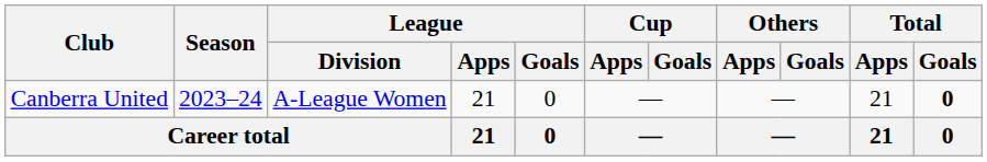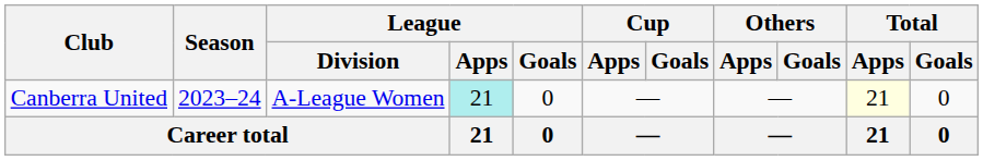 <table class="wikitable" style="text-align: center;">
 <tr>
 <th rowspan=2>Club</th>
 <th rowspan=2>Season</th>
 <th colspan=3>League</th>
 <th colspan=2>Cup</th>
 <th colspan=2>Others</th>
 <th colspan=2>Total</th>
 </tr>
 <tr>
 <th>Division</th>
 <th>Apps</th>
 <th>Goals</th>
 <th>Apps</th>
 <th>Goals</th>
 <th>Apps</th>
 <th>Goals</th>
 <th>Apps</th>
 <th>Goals</th>
 </tr>
 <tr>
 <td><a href='#'>Canberra United</a></td>
 <td><a href='#'>2023–24</a></td>
 <td><a href='#'>A-League Women</a></td>
-<td>21</td>
+<td style="background: paleturquoise;">21</td>
 <td>0</td>
 <td colspan=2>—</td>
 <td colspan=2>—</td>
-<td>21</td>
-<td><strong>0</strong></td>
+<td style="background: lightyellow;">21</td>
+<td>0</td>
 </tr>
 <tr>
 <th colspan=3>Career total</th>
 <th>21</th>
 <th>0</th>
 <th colspan=2>—</th>
 <th colspan=2>—</th>
 <th>21</th>
 <th>0</th>
 </tr>
 </table>
